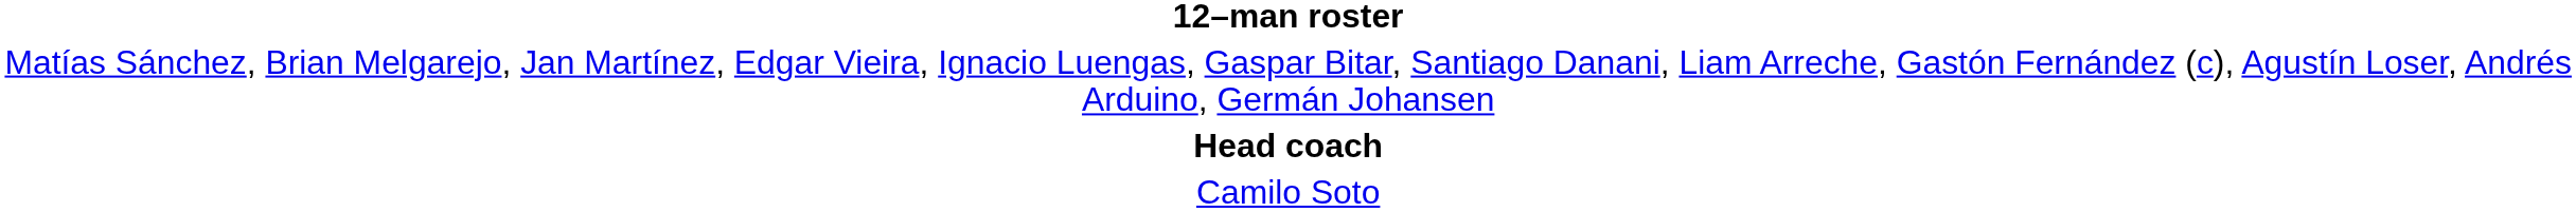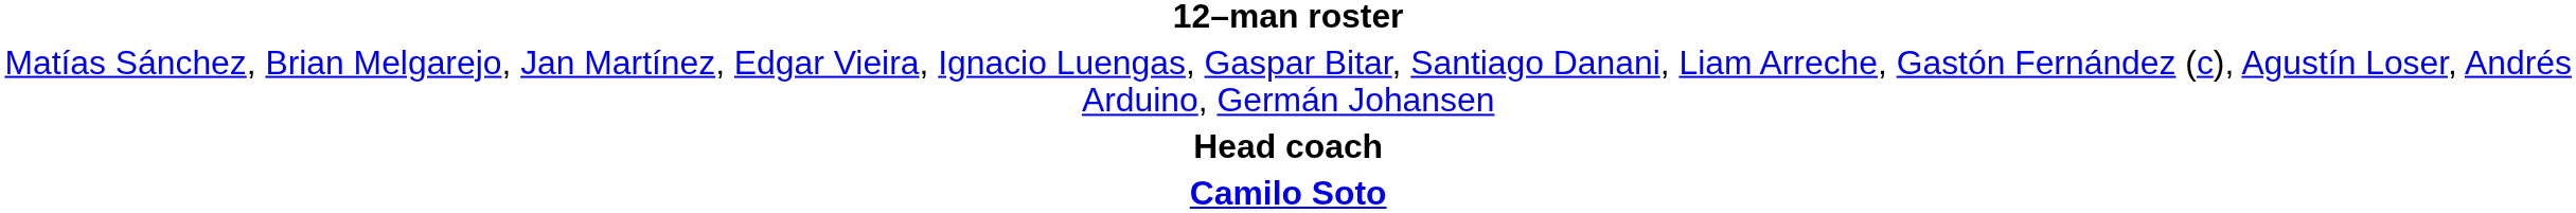 <table style="text-align: center; margin-top: 2em; margin-left: auto; margin-right: auto">
 <tr>
 <td><strong>12–man roster</strong></td>
 </tr>
 <tr>
 <td><a href='#'>Matías Sánchez</a>, <a href='#'>Brian Melgarejo</a>, <a href='#'>Jan Martínez</a>, <a href='#'>Edgar Vieira</a>, <a href='#'>Ignacio Luengas</a>, <a href='#'>Gaspar Bitar</a>, <a href='#'>Santiago Danani</a>, <a href='#'>Liam Arreche</a>, <a href='#'>Gastón Fernández</a> (<a href='#'>c</a>), <a href='#'>Agustín Loser</a>, <a href='#'>Andrés Arduino</a>, <a href='#'>Germán Johansen</a></td>
 </tr>
 <tr>
 <td><strong>Head coach</strong></td>
 </tr>
 <tr>
-<td><a href='#'>Camilo Soto</a></td>
+<td><strong><a href='#'>Camilo Soto</a></strong></td>
 </tr>
 </table>
